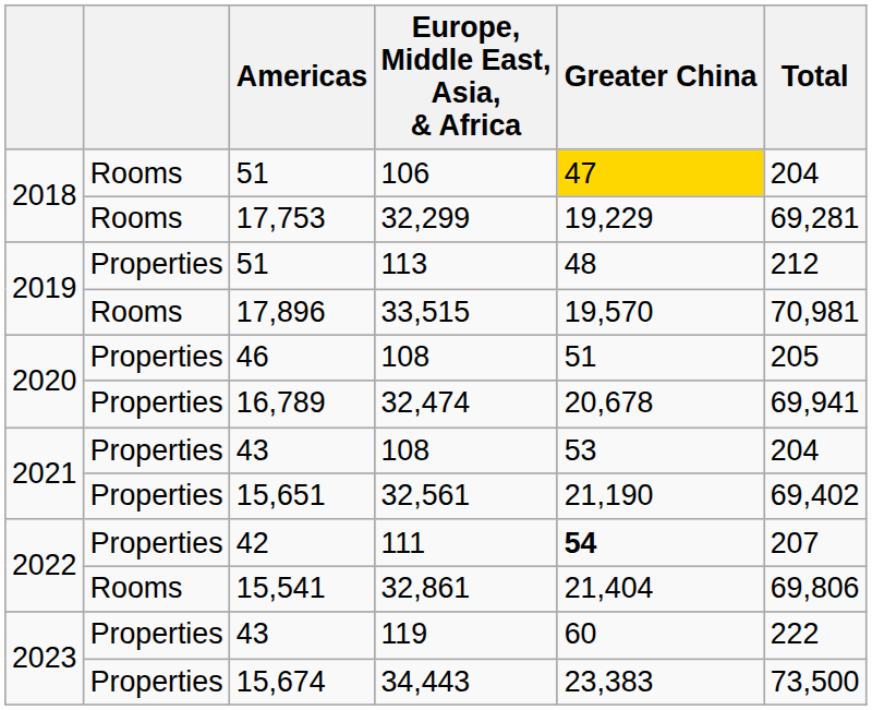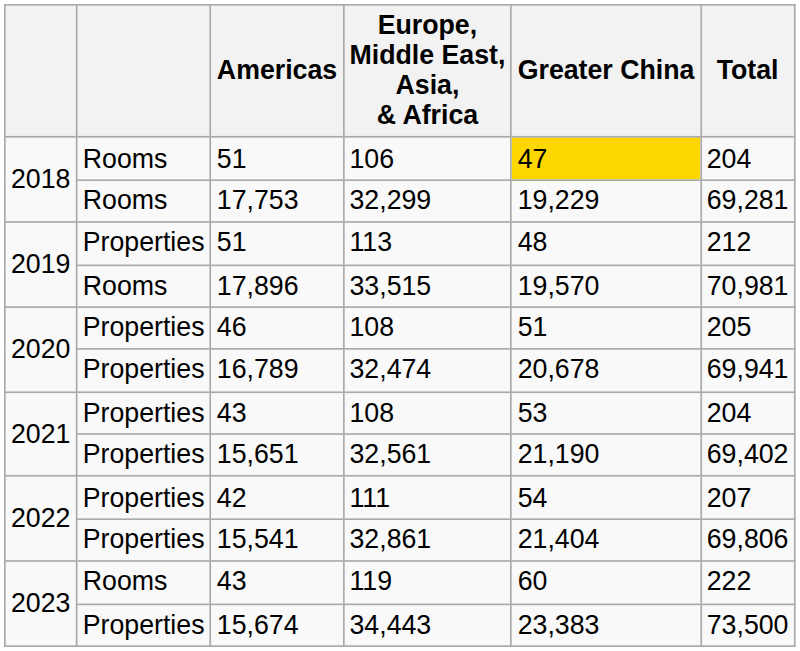 <table class="wikitable">
 <tr>
 <th class="unsortable"></th>
 <th></th>
 <th>Americas</th>
 <th>Europe,<br>Middle East,<br>Asia,<br>& Africa</th>
 <th>Greater China</th>
 <th>Total</th>
 </tr>
 <tr>
 <td rowspan=2>2018</td>
 <td>Rooms</td>
 <td>51</td>
 <td>106</td>
 <td style="background: gold;">47</td>
 <td>204</td>
 </tr>
 <tr>
 <td>Rooms</td>
 <td>17,753</td>
 <td>32,299</td>
 <td>19,229</td>
 <td>69,281</td>
 </tr>
 <tr>
 <td rowspan=2>2019</td>
 <td>Properties</td>
 <td>51</td>
 <td>113</td>
 <td>48</td>
 <td>212</td>
 </tr>
 <tr>
 <td>Rooms</td>
 <td>17,896</td>
 <td>33,515</td>
 <td>19,570</td>
 <td>70,981</td>
 </tr>
 <tr>
 <td rowspan=2>2020</td>
 <td>Properties</td>
 <td>46</td>
 <td>108</td>
 <td>51</td>
 <td>205</td>
 </tr>
 <tr>
 <td>Properties</td>
 <td>16,789</td>
 <td>32,474</td>
 <td>20,678</td>
 <td>69,941</td>
 </tr>
 <tr>
 <td rowspan=2>2021</td>
 <td>Properties</td>
 <td>43</td>
 <td>108</td>
 <td>53</td>
 <td>204</td>
 </tr>
 <tr>
 <td>Properties</td>
 <td>15,651</td>
 <td>32,561</td>
 <td>21,190</td>
 <td>69,402</td>
 </tr>
 <tr>
 <td rowspan=2>2022</td>
 <td>Properties</td>
 <td>42</td>
 <td>111</td>
-<td><strong>54</strong></td>
+<td>54</td>
 <td>207</td>
 </tr>
 <tr>
-<td>Rooms</td>
+<td>Properties</td>
 <td>15,541</td>
 <td>32,861</td>
 <td>21,404</td>
 <td>69,806</td>
 </tr>
 <tr>
 <td rowspan=2>2023</td>
-<td>Properties</td>
+<td>Rooms</td>
 <td>43</td>
 <td>119</td>
 <td>60</td>
 <td>222</td>
 </tr>
 <tr>
 <td>Properties</td>
 <td>15,674</td>
 <td>34,443</td>
 <td>23,383</td>
 <td>73,500</td>
 </tr>
 </table>
